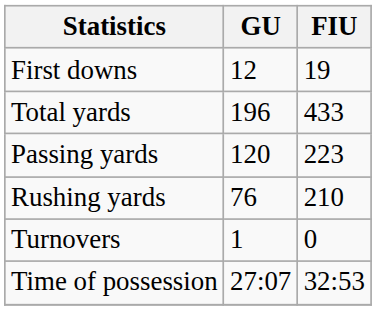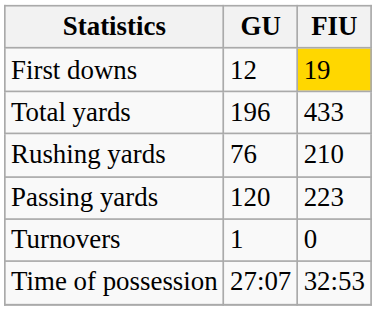 <table class="wikitable" style="float: left;">
 <tr>
 <th>Statistics</th>
 <th>GU</th>
 <th>FIU</th>
 </tr>
 <tr>
 <td>First downs</td>
 <td>12</td>
-<td>19</td>
+<td style="background: gold;">19</td>
 </tr>
 <tr>
 <td>Total yards</td>
 <td>196</td>
 <td>433</td>
 </tr>
 <tr>
+<td>Rushing yards</td>
+<td>76</td>
+<td>210</td>
+</tr>
+<tr>
 <td>Passing yards</td>
 <td>120</td>
 <td>223</td>
-</tr>
-<tr>
-<td>Rushing yards</td>
-<td>76</td>
-<td>210</td>
 </tr>
 <tr>
 <td>Turnovers</td>
 <td>1</td>
 <td>0</td>
 </tr>
 <tr>
 <td>Time of possession</td>
 <td>27:07</td>
 <td>32:53</td>
 </tr>
 <tr>
 </tr>
 </table>
